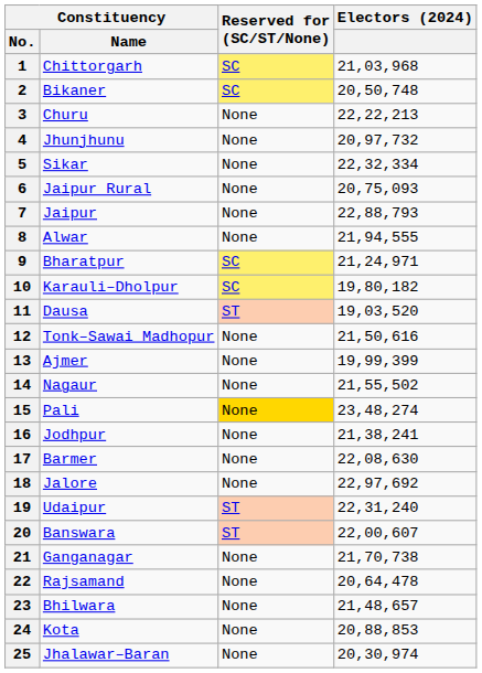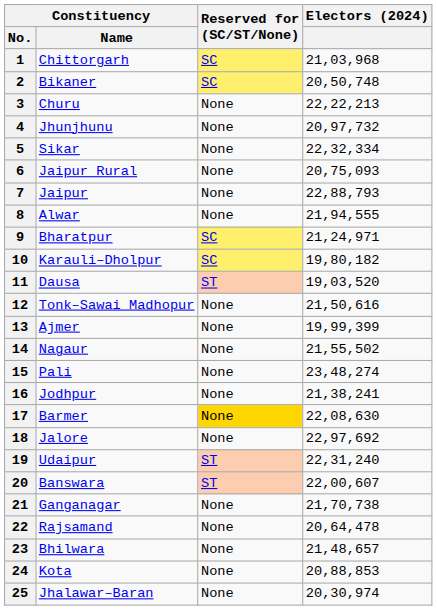 <table class="wikitable sortable">
 <tr>
 <th scope=colgroup colspan="2">Constituency</th>
 <th scope=col rowspan=2>Reserved for<br>(SC/ST/None)</th>
 <th>Electors (2024)</th>
 </tr>
 <tr>
 <th scope=col>No.</th>
 <th scope=col>Name</th>
 <th></th>
 </tr>
 <tr>
 <th scope=row>1</th>
 <td><a href='#'>Chittorgarh</a></td>
 <td style="background:#fef06d;"><a href='#'>SC</a></td>
 <td>21,03,968</td>
 </tr>
 <tr>
 <th scope=row>2</th>
 <td><a href='#'>Bikaner</a></td>
 <td style="background:#fef06d;"><a href='#'>SC</a></td>
 <td>20,50,748</td>
 </tr>
 <tr>
 <th scope=row>3</th>
 <td><a href='#'>Churu</a></td>
 <td>None</td>
 <td>22,22,213</td>
 </tr>
 <tr>
 <th scope=row>4</th>
 <td><a href='#'>Jhunjhunu</a></td>
 <td>None</td>
 <td>20,97,732</td>
 </tr>
 <tr>
 <th scope=row>5</th>
 <td><a href='#'>Sikar</a></td>
 <td>None</td>
 <td>22,32,334</td>
 </tr>
 <tr>
 <th scope=row>6</th>
 <td><a href='#'>Jaipur Rural</a></td>
 <td>None</td>
 <td>20,75,093</td>
 </tr>
 <tr>
 <th scope=row>7</th>
 <td><a href='#'>Jaipur</a></td>
 <td>None</td>
 <td>22,88,793</td>
 </tr>
 <tr>
 <th scope=row>8</th>
 <td><a href='#'>Alwar</a></td>
 <td>None</td>
 <td>21,94,555</td>
 </tr>
 <tr>
 <th scope=row>9</th>
 <td><a href='#'>Bharatpur</a></td>
 <td style="background:#fef06d;"><a href='#'>SC</a></td>
 <td>21,24,971</td>
 </tr>
 <tr>
 <th scope=row>10</th>
 <td><a href='#'>Karauli–Dholpur</a></td>
 <td style="background:#fef06d;"><a href='#'>SC</a></td>
 <td>19,80,182</td>
 </tr>
 <tr>
 <th scope=row>11</th>
 <td><a href='#'>Dausa</a></td>
 <td style="background:#fdcdb0;"><a href='#'>ST</a></td>
 <td>19,03,520</td>
 </tr>
 <tr>
 <th scope=row>12</th>
 <td><a href='#'>Tonk–Sawai Madhopur</a></td>
 <td>None</td>
 <td>21,50,616</td>
 </tr>
 <tr>
 <th scope=row>13</th>
 <td><a href='#'>Ajmer</a></td>
 <td>None</td>
 <td>19,99,399</td>
 </tr>
 <tr>
 <th scope=row>14</th>
 <td><a href='#'>Nagaur</a></td>
 <td>None</td>
 <td>21,55,502</td>
 </tr>
 <tr>
 <th scope=row>15</th>
 <td><a href='#'>Pali</a></td>
-<td style="background: gold;">None</td>
+<td>None</td>
 <td>23,48,274</td>
 </tr>
 <tr>
 <th scope=row>16</th>
 <td><a href='#'>Jodhpur</a></td>
 <td>None</td>
 <td>21,38,241</td>
 </tr>
 <tr>
 <th scope=row>17</th>
 <td><a href='#'>Barmer</a></td>
-<td>None</td>
+<td style="background: gold;">None</td>
 <td>22,08,630</td>
 </tr>
 <tr>
 <th scope=row>18</th>
 <td><a href='#'>Jalore</a></td>
 <td>None</td>
 <td>22,97,692</td>
 </tr>
 <tr>
 <th scope=row>19</th>
 <td><a href='#'>Udaipur</a></td>
 <td style="background:#fdcdb0;"><a href='#'>ST</a></td>
 <td>22,31,240</td>
 </tr>
 <tr>
 <th scope=row>20</th>
 <td><a href='#'>Banswara</a></td>
 <td style="background:#fdcdb0;"><a href='#'>ST</a></td>
 <td>22,00,607</td>
 </tr>
 <tr>
 <th scope=row>21</th>
 <td><a href='#'>Ganganagar</a></td>
 <td>None</td>
 <td>21,70,738</td>
 </tr>
 <tr>
 <th scope=row>22</th>
 <td><a href='#'>Rajsamand</a></td>
 <td>None</td>
 <td>20,64,478</td>
 </tr>
 <tr>
 <th scope=row>23</th>
 <td><a href='#'>Bhilwara</a></td>
 <td>None</td>
 <td>21,48,657</td>
 </tr>
 <tr>
 <th scope=row>24</th>
 <td><a href='#'>Kota</a></td>
 <td>None</td>
 <td>20,88,853</td>
 </tr>
 <tr>
 <th scope=row>25</th>
 <td><a href='#'>Jhalawar–Baran</a></td>
 <td>None</td>
 <td>20,30,974</td>
 </tr>
 </table>
